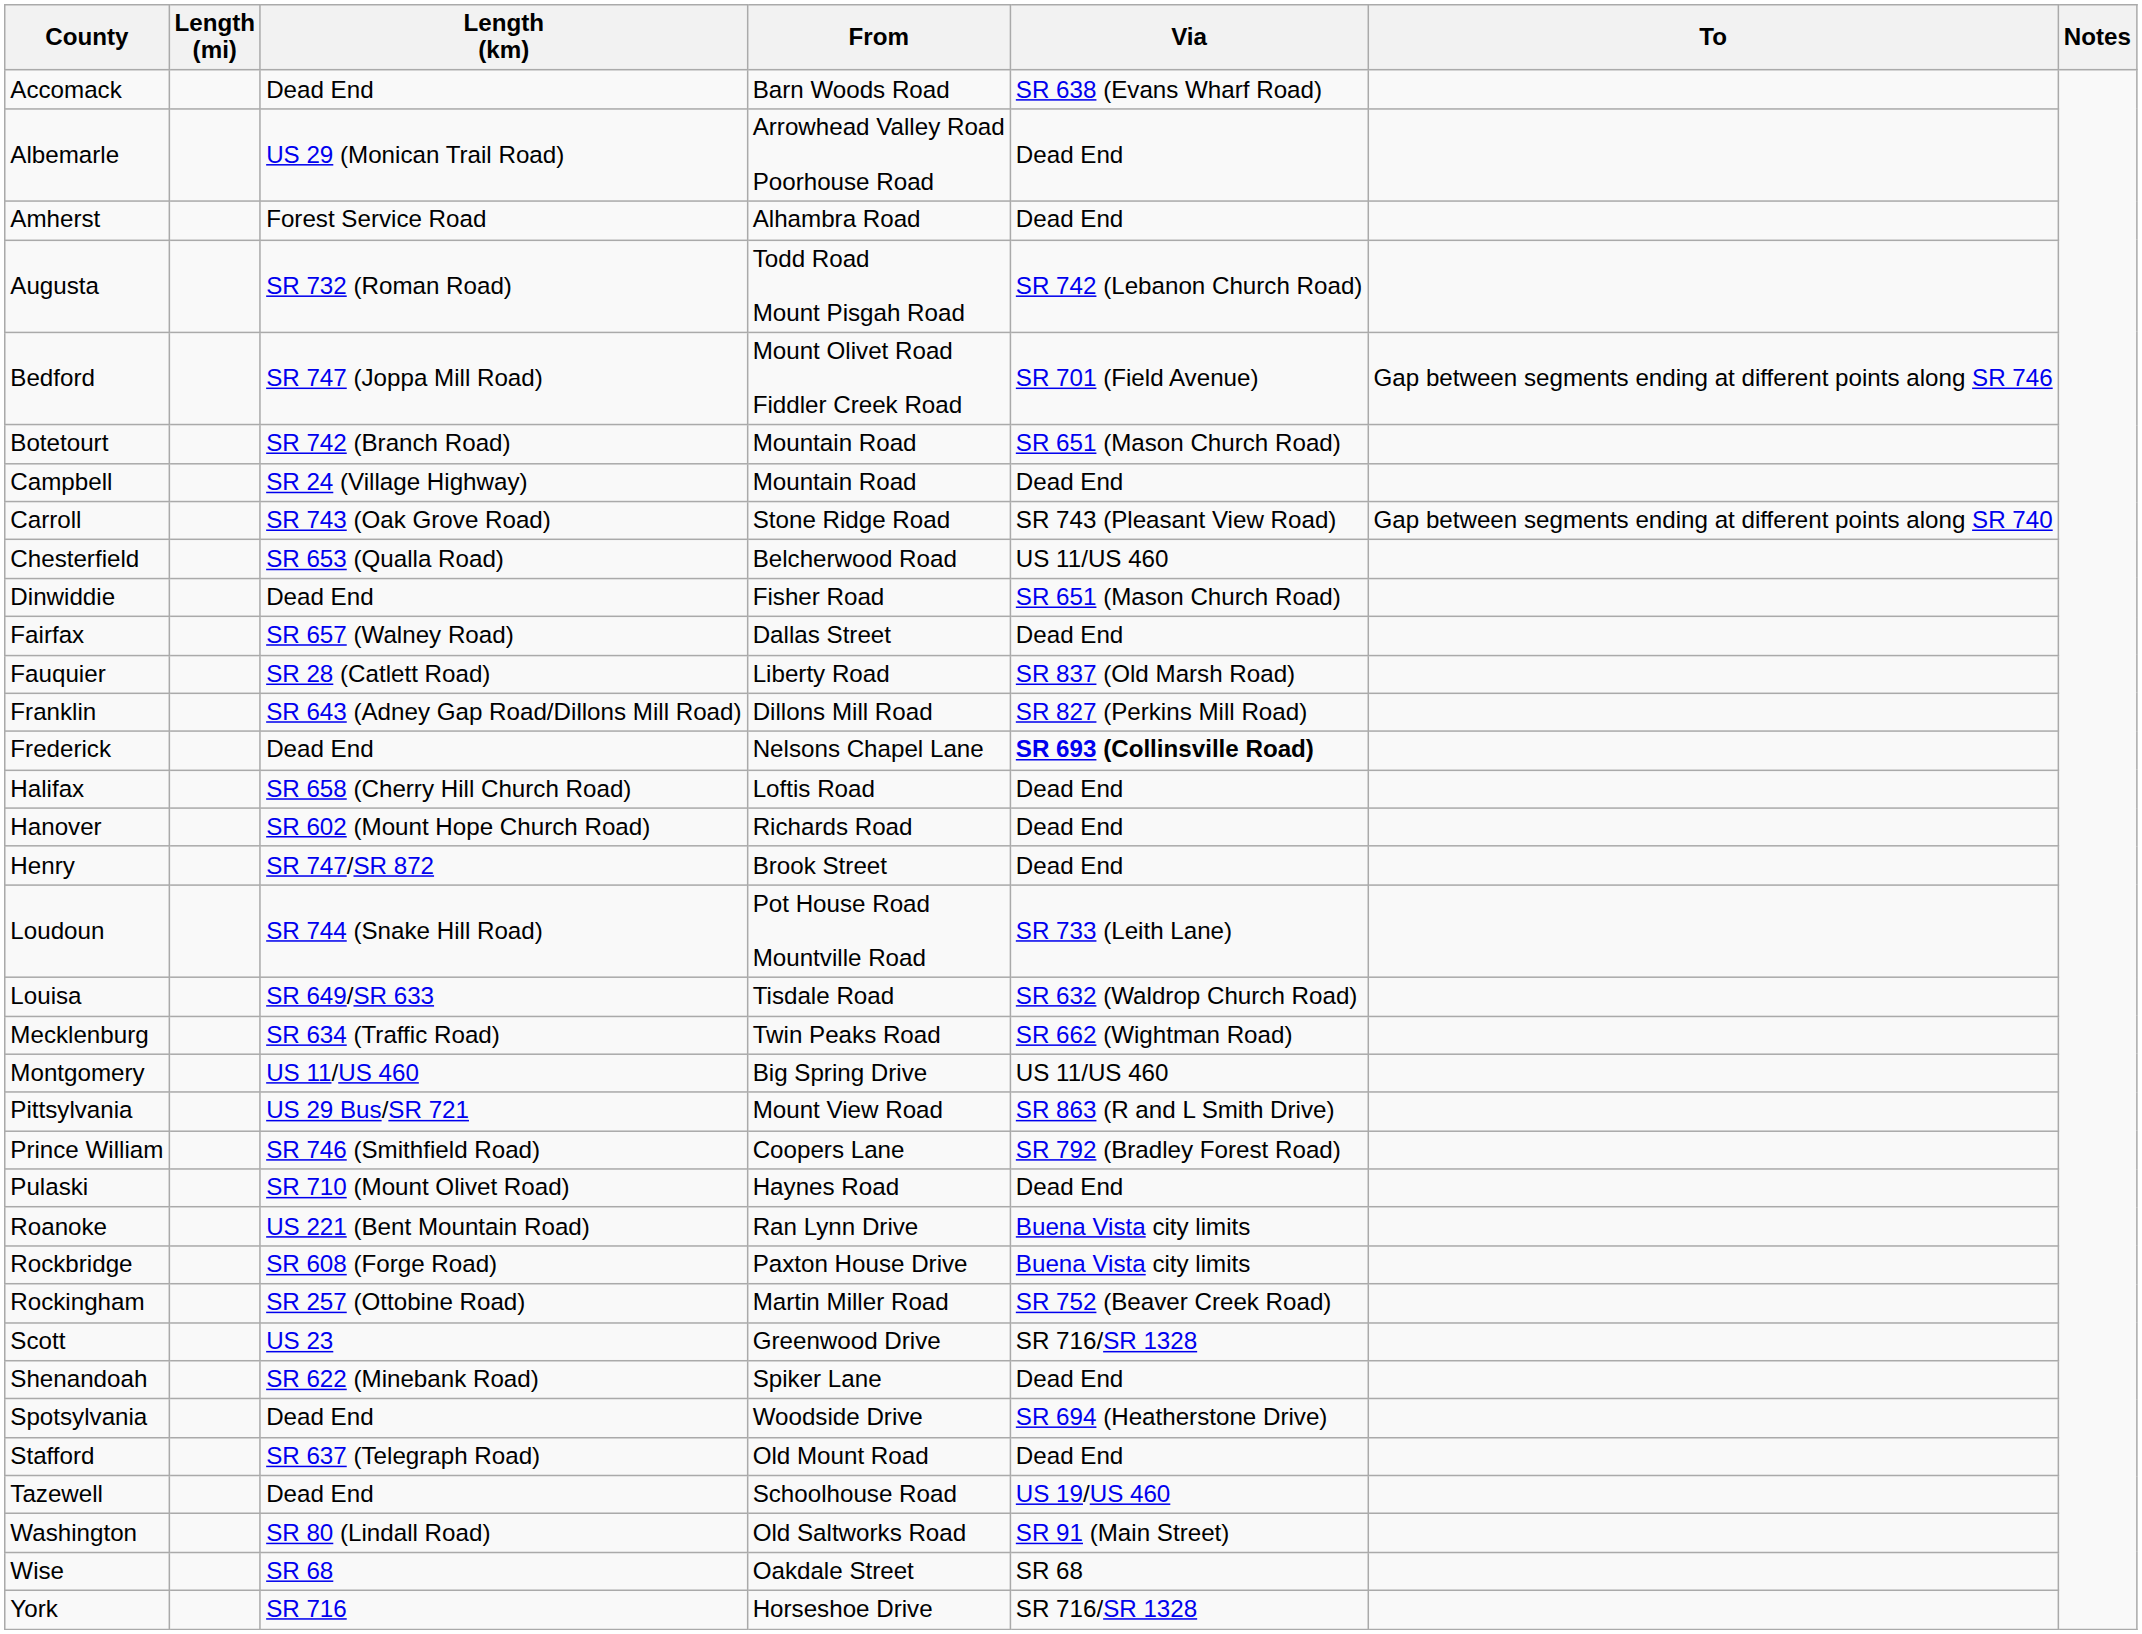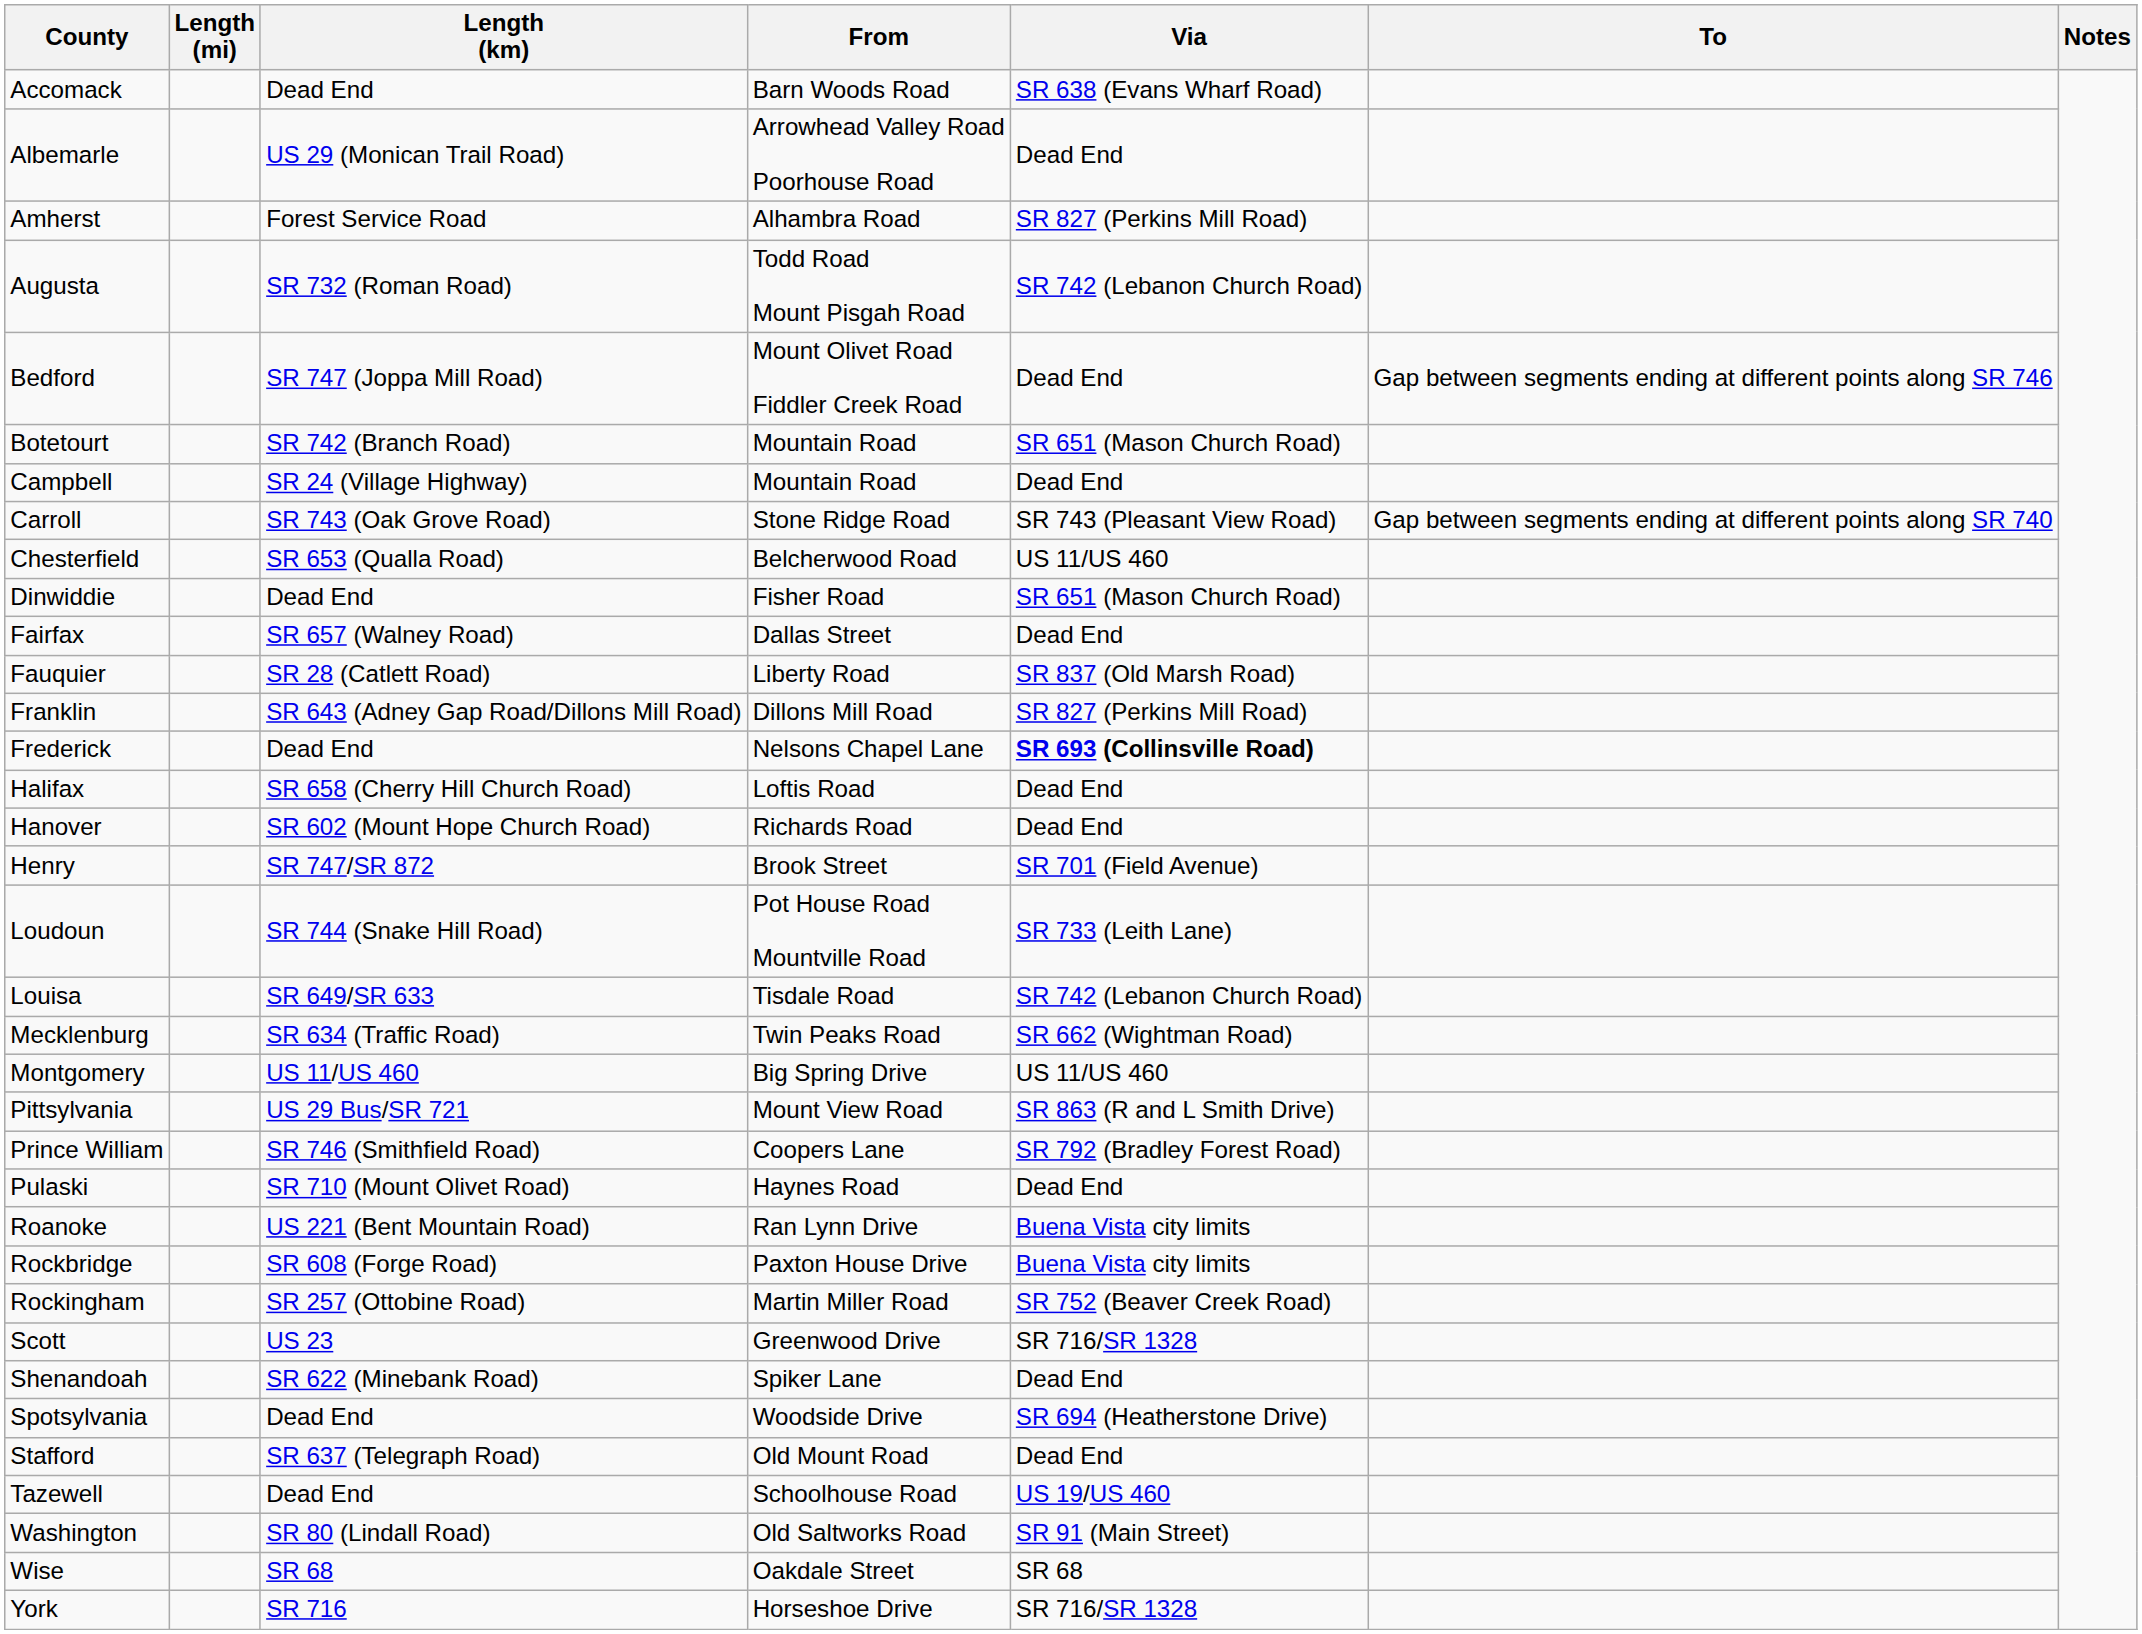 <table class="wikitable sortable">
 <tr>
 <th>County</th>
 <th>Length<br>(mi)</th>
 <th>Length<br>(km)</th>
 <th class="unsortable">From</th>
 <th class="unsortable">Via</th>
 <th class="unsortable">To</th>
 <th class="unsortable">Notes</th>
 </tr>
 <tr>
 <td id="Accomack">Accomack</td>
 <td></td>
 <td>Dead End</td>
 <td>Barn Woods Road</td>
 <td><a href='#'>SR 638</a> (Evans Wharf Road)</td>
 <td></td>
 </tr>
 <tr>
 <td id="Albemarle">Albemarle</td>
 <td></td>
 <td><a href='#'>US 29</a> (Monican Trail Road)</td>
 <td>Arrowhead Valley Road<br><br>Poorhouse Road</td>
 <td>Dead End</td>
 <td><br> </td>
 </tr>
 <tr>
 <td id="Amherst">Amherst</td>
 <td></td>
 <td>Forest Service Road</td>
 <td>Alhambra Road</td>
-<td>Dead End</td>
+<td><a href='#'>SR 827</a> (Perkins Mill Road)</td>
 <td><br> </td>
 </tr>
 <tr>
 <td id="Augusta">Augusta</td>
 <td></td>
 <td><a href='#'>SR 732</a> (Roman Road)</td>
 <td>Todd Road<br><br>Mount Pisgah Road</td>
 <td><a href='#'>SR 742</a> (Lebanon Church Road)</td>
 <td><br></td>
 </tr>
 <tr>
 <td id="Bedford">Bedford</td>
 <td></td>
 <td><a href='#'>SR 747</a> (Joppa Mill Road)</td>
 <td>Mount Olivet Road<br><br>Fiddler Creek Road</td>
-<td><a href='#'>SR 701</a> (Field Avenue)</td>
+<td>Dead End</td>
 <td>Gap between segments ending at different points along <a href='#'>SR 746</a><br></td>
 </tr>
 <tr>
 <td id="Botetourt">Botetourt</td>
 <td></td>
 <td><a href='#'>SR 742</a> (Branch Road)</td>
 <td>Mountain Road</td>
 <td><a href='#'>SR 651</a> (Mason Church Road)</td>
 <td><br>  </td>
 </tr>
 <tr>
 <td id="Campbell">Campbell</td>
 <td></td>
 <td><a href='#'>SR 24</a> (Village Highway)</td>
 <td>Mountain Road</td>
 <td>Dead End</td>
 <td><br></td>
 </tr>
 <tr>
 <td id="Carroll">Carroll</td>
 <td></td>
 <td><a href='#'>SR 743</a> (Oak Grove Road)</td>
 <td>Stone Ridge Road</td>
 <td>SR 743 (Pleasant View Road)</td>
 <td>Gap between segments ending at different points along <a href='#'>SR 740</a><br> </td>
 </tr>
 <tr>
 <td id="Chesterfield">Chesterfield</td>
 <td></td>
 <td><a href='#'>SR 653</a> (Qualla Road)</td>
 <td>Belcherwood Road</td>
 <td>US 11/US 460</td>
 <td><br>    </td>
 </tr>
 <tr>
 <td id="Dinwiddie">Dinwiddie</td>
 <td></td>
 <td>Dead End</td>
 <td>Fisher Road</td>
 <td><a href='#'>SR 651</a> (Mason Church Road)</td>
 <td><br></td>
 </tr>
 <tr>
 <td id="Fairfax">Fairfax</td>
 <td></td>
 <td><a href='#'>SR 657</a> (Walney Road)</td>
 <td>Dallas Street</td>
 <td>Dead End</td>
 <td></td>
 </tr>
 <tr>
 <td id="Fauquier">Fauquier</td>
 <td></td>
 <td><a href='#'>SR 28</a> (Catlett Road)</td>
 <td>Liberty Road</td>
 <td><a href='#'>SR 837</a> (Old Marsh Road)</td>
 <td><br> </td>
 </tr>
 <tr>
 <td id="Franklin">Franklin</td>
 <td></td>
 <td><a href='#'>SR 643</a> (Adney Gap Road/Dillons Mill Road)</td>
 <td>Dillons Mill Road</td>
 <td><a href='#'>SR 827</a> (Perkins Mill Road)</td>
 <td></td>
 </tr>
 <tr>
 <td id="Frederick">Frederick</td>
 <td></td>
 <td>Dead End</td>
 <td>Nelsons Chapel Lane</td>
 <td><strong><a href='#'>SR 693</a> (Collinsville Road)</strong></td>
 <td><br>     </td>
 </tr>
 <tr>
 <td id="Halifax">Halifax</td>
 <td></td>
 <td><a href='#'>SR 658</a> (Cherry Hill Church Road)</td>
 <td>Loftis Road</td>
 <td>Dead End</td>
 <td></td>
 </tr>
 <tr>
 <td id="Hanover">Hanover</td>
 <td></td>
 <td><a href='#'>SR 602</a> (Mount Hope Church Road)</td>
 <td>Richards Road</td>
 <td>Dead End</td>
 <td><br></td>
 </tr>
 <tr>
 <td id="Henry">Henry</td>
 <td></td>
 <td><a href='#'>SR 747</a>/<a href='#'>SR 872</a></td>
 <td>Brook Street</td>
-<td>Dead End</td>
+<td><a href='#'>SR 701</a> (Field Avenue)</td>
 <td><br>       </td>
 </tr>
 <tr>
 <td id="Loudoun">Loudoun</td>
 <td></td>
 <td><a href='#'>SR 744</a> (Snake Hill Road)</td>
 <td>Pot House Road<br><br>Mountville Road</td>
 <td><a href='#'>SR 733</a> (Leith Lane)</td>
 <td></td>
 </tr>
 <tr>
 <td id="Louisa">Louisa</td>
 <td></td>
 <td><a href='#'>SR 649</a>/<a href='#'>SR 633</a></td>
 <td>Tisdale Road</td>
-<td><a href='#'>SR 632</a> (Waldrop Church Road)</td>
+<td><a href='#'>SR 742</a> (Lebanon Church Road)</td>
 <td><br>  </td>
 </tr>
 <tr>
 <td id="Mecklenburg">Mecklenburg</td>
 <td></td>
 <td><a href='#'>SR 634</a> (Traffic Road)</td>
 <td>Twin Peaks Road</td>
 <td><a href='#'>SR 662</a> (Wightman Road)</td>
 <td><br></td>
 </tr>
 <tr>
 <td id="Montgomery">Montgomery</td>
 <td></td>
 <td><a href='#'>US 11</a>/<a href='#'>US 460</a></td>
 <td>Big Spring Drive</td>
 <td>US 11/US 460</td>
 <td><br>       </td>
 </tr>
 <tr>
 <td id="Pittsylvania">Pittsylvania</td>
 <td></td>
 <td><a href='#'>US 29 Bus</a>/<a href='#'>SR 721</a></td>
 <td>Mount View Road</td>
 <td><a href='#'>SR 863</a> (R and L Smith Drive)</td>
 <td><br>  </td>
 </tr>
 <tr>
 <td id="Prince William">Prince William</td>
 <td></td>
 <td><a href='#'>SR 746</a> (Smithfield Road)</td>
 <td>Coopers Lane</td>
 <td><a href='#'>SR 792</a> (Bradley Forest Road)</td>
 <td></td>
 </tr>
 <tr>
 <td id="Pulaski">Pulaski</td>
 <td></td>
 <td><a href='#'>SR 710</a> (Mount Olivet Road)</td>
 <td>Haynes Road</td>
 <td>Dead End</td>
 <td><br> </td>
 </tr>
 <tr>
 <td id="Roanoke">Roanoke</td>
 <td></td>
 <td><a href='#'>US 221</a> (Bent Mountain Road)</td>
 <td>Ran Lynn Drive</td>
 <td><a href='#'>Buena Vista</a> city limits</td>
 <td></td>
 </tr>
 <tr>
 <td id="Rockbridge">Rockbridge</td>
 <td></td>
 <td><a href='#'>SR 608</a> (Forge Road)</td>
 <td>Paxton House Drive</td>
 <td><a href='#'>Buena Vista</a> city limits</td>
 <td></td>
 </tr>
 <tr>
 <td id="Rockingham">Rockingham</td>
 <td></td>
 <td><a href='#'>SR 257</a> (Ottobine Road)</td>
 <td>Martin Miller Road</td>
 <td><a href='#'>SR 752</a> (Beaver Creek Road)</td>
 <td><br></td>
 </tr>
 <tr>
 <td id="Scott">Scott</td>
 <td></td>
 <td><a href='#'>US 23</a></td>
 <td>Greenwood Drive</td>
 <td>SR 716/<a href='#'>SR 1328</a></td>
 <td></td>
 </tr>
 <tr>
 <td id="Shenandoah">Shenandoah</td>
 <td></td>
 <td><a href='#'>SR 622</a> (Minebank Road)</td>
 <td>Spiker Lane</td>
 <td>Dead End</td>
 <td><br> </td>
 </tr>
 <tr>
 <td id="Spotsylvania">Spotsylvania</td>
 <td></td>
 <td>Dead End</td>
 <td>Woodside Drive</td>
 <td><a href='#'>SR 694</a> (Heatherstone Drive)</td>
 <td></td>
 </tr>
 <tr>
 <td id="Stafford">Stafford</td>
 <td></td>
 <td><a href='#'>SR 637</a> (Telegraph Road)</td>
 <td>Old Mount Road</td>
 <td>Dead End</td>
 <td><br> </td>
 </tr>
 <tr>
 <td id="Tazewell">Tazewell</td>
 <td></td>
 <td>Dead End</td>
 <td>Schoolhouse Road</td>
 <td><a href='#'>US 19</a>/<a href='#'>US 460</a></td>
 <td><br></td>
 </tr>
 <tr>
 <td id="Washington">Washington</td>
 <td></td>
 <td><a href='#'>SR 80</a> (Lindall Road)</td>
 <td>Old Saltworks Road</td>
 <td><a href='#'>SR 91</a> (Main Street)</td>
 <td><br></td>
 </tr>
 <tr>
 <td id="Wise">Wise</td>
 <td></td>
 <td><a href='#'>SR 68</a></td>
 <td>Oakdale Street</td>
 <td>SR 68</td>
 <td><br></td>
 </tr>
 <tr>
 <td id="York">York</td>
 <td></td>
 <td><a href='#'>SR 716</a></td>
 <td>Horseshoe Drive</td>
 <td>SR 716/<a href='#'>SR 1328</a></td>
 <td></td>
 </tr>
 </table>
